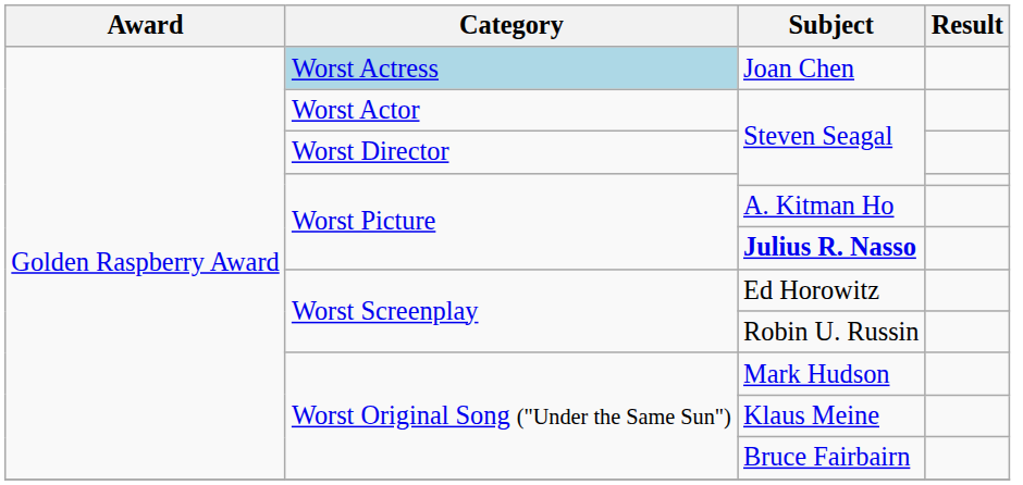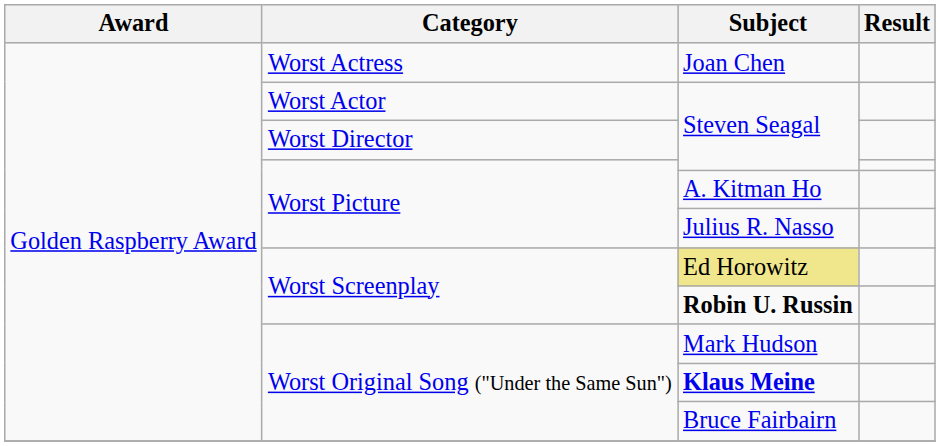 <table class="wikitable sortable plainrowheaders">
 <tr>
 <th>Award</th>
 <th>Category</th>
 <th>Subject</th>
 <th>Result</th>
 </tr>
 <tr>
 <td rowspan=11><a href='#'>Golden Raspberry Award</a></td>
-<td style="background: lightblue;"><a href='#'>Worst Actress</a></td>
+<td><a href='#'>Worst Actress</a></td>
 <td><a href='#'>Joan Chen</a></td>
 <td></td>
 </tr>
 <tr>
 <td><a href='#'>Worst Actor</a></td>
 <td rowspan=3><a href='#'>Steven Seagal</a></td>
 <td></td>
 </tr>
 <tr>
 <td><a href='#'>Worst Director</a></td>
 <td></td>
 </tr>
 <tr>
 <td rowspan=3><a href='#'>Worst Picture</a></td>
 <td></td>
 </tr>
 <tr>
 <td><a href='#'>A. Kitman Ho</a></td>
 <td></td>
 </tr>
 <tr>
-<td><strong><a href='#'>Julius R. Nasso</a></strong></td>
+<td><a href='#'>Julius R. Nasso</a></td>
 <td></td>
 </tr>
 <tr>
 <td rowspan=2><a href='#'>Worst Screenplay</a></td>
-<td>Ed Horowitz</td>
+<td style="background: khaki;">Ed Horowitz</td>
 <td></td>
 </tr>
 <tr>
-<td>Robin U. Russin</td>
+<td><strong>Robin U. Russin</strong></td>
 <td></td>
 </tr>
 <tr>
 <td rowspan=3><a href='#'>Worst Original Song</a> <small>("Under the Same Sun")</small></td>
 <td><a href='#'>Mark Hudson</a></td>
 <td></td>
 </tr>
 <tr>
-<td><a href='#'>Klaus Meine</a></td>
+<td><strong><a href='#'>Klaus Meine</a></strong></td>
 <td></td>
 </tr>
 <tr>
 <td><a href='#'>Bruce Fairbairn</a></td>
 <td></td>
 </tr>
 <tr>
 </tr>
 </table>
